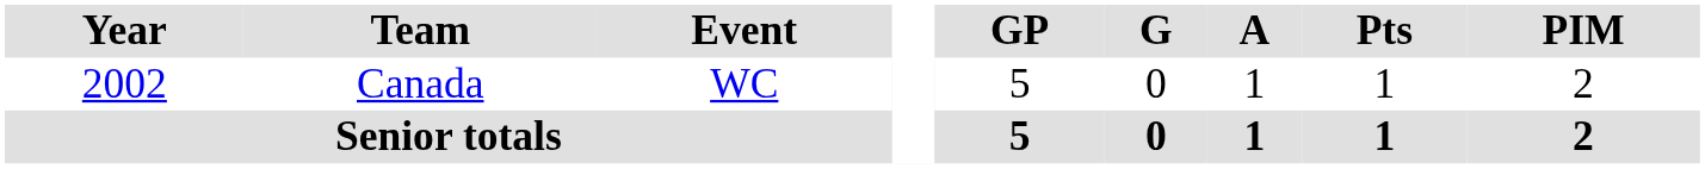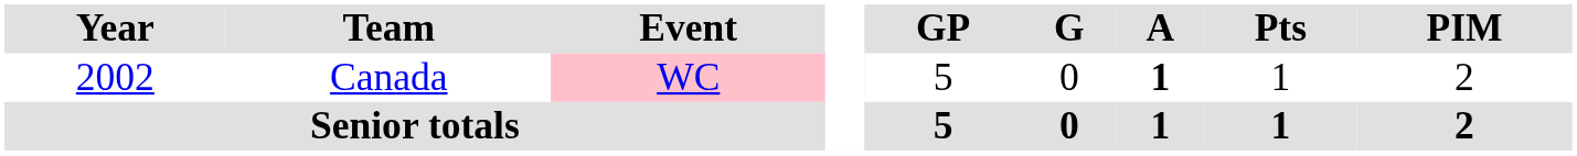 <table border="0" cellpadding="1" cellspacing="0" ID="Table3" style="text-align:center; width:40em">
 <tr ALIGN="center" bgcolor="#e0e0e0">
 <th>Year</th>
 <th>Team</th>
 <th>Event</th>
 <th ALIGN="center" rowspan="99" bgcolor="#ffffff"> </th>
 <th>GP</th>
 <th>G</th>
 <th>A</th>
 <th>Pts</th>
 <th>PIM</th>
 </tr>
 <tr>
 <td><a href='#'>2002</a></td>
 <td><a href='#'>Canada</a></td>
-<td><a href='#'>WC</a></td>
+<td style="background: pink;"><a href='#'>WC</a></td>
 <td>5</td>
 <td>0</td>
-<td>1</td>
+<td><strong>1</strong></td>
 <td>1</td>
 <td>2</td>
 </tr>
 <tr bgcolor="#e0e0e0">
 <th colspan=3>Senior totals</th>
 <th>5</th>
 <th>0</th>
 <th>1</th>
 <th>1</th>
 <th>2</th>
 </tr>
 </table>
